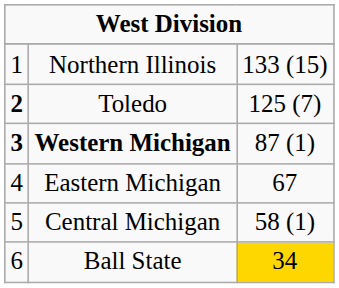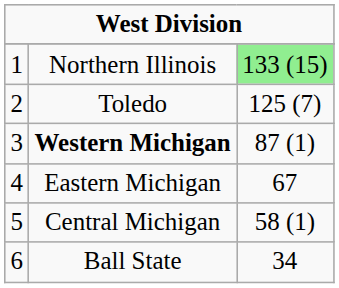 <table class="wikitable">
 <tr align="center">
 <td align="center" Colspan="3"><strong>West Division</strong></td>
 </tr>
 <tr align="center">
 </tr>
 <tr align="center">
 <td>1</td>
 <td>Northern Illinois</td>
-<td>133 (15)</td>
+<td style="background: lightgreen;">133 (15)</td>
 </tr>
 <tr align="center">
-<td><strong>2</strong></td>
+<td>2</td>
 <td>Toledo</td>
 <td>125 (7)</td>
 </tr>
 <tr align="center">
-<td><strong>3</strong></td>
+<td>3</td>
 <td><strong>Western Michigan</strong></td>
 <td>87 (1)</td>
 </tr>
 <tr align="center">
 <td>4</td>
 <td>Eastern Michigan</td>
 <td>67</td>
 </tr>
 <tr align="center">
 <td>5</td>
 <td>Central Michigan</td>
 <td>58 (1)</td>
 </tr>
 <tr align="center">
 <td>6</td>
 <td>Ball State</td>
-<td style="background: gold;">34</td>
+<td>34</td>
 </tr>
 </table>
